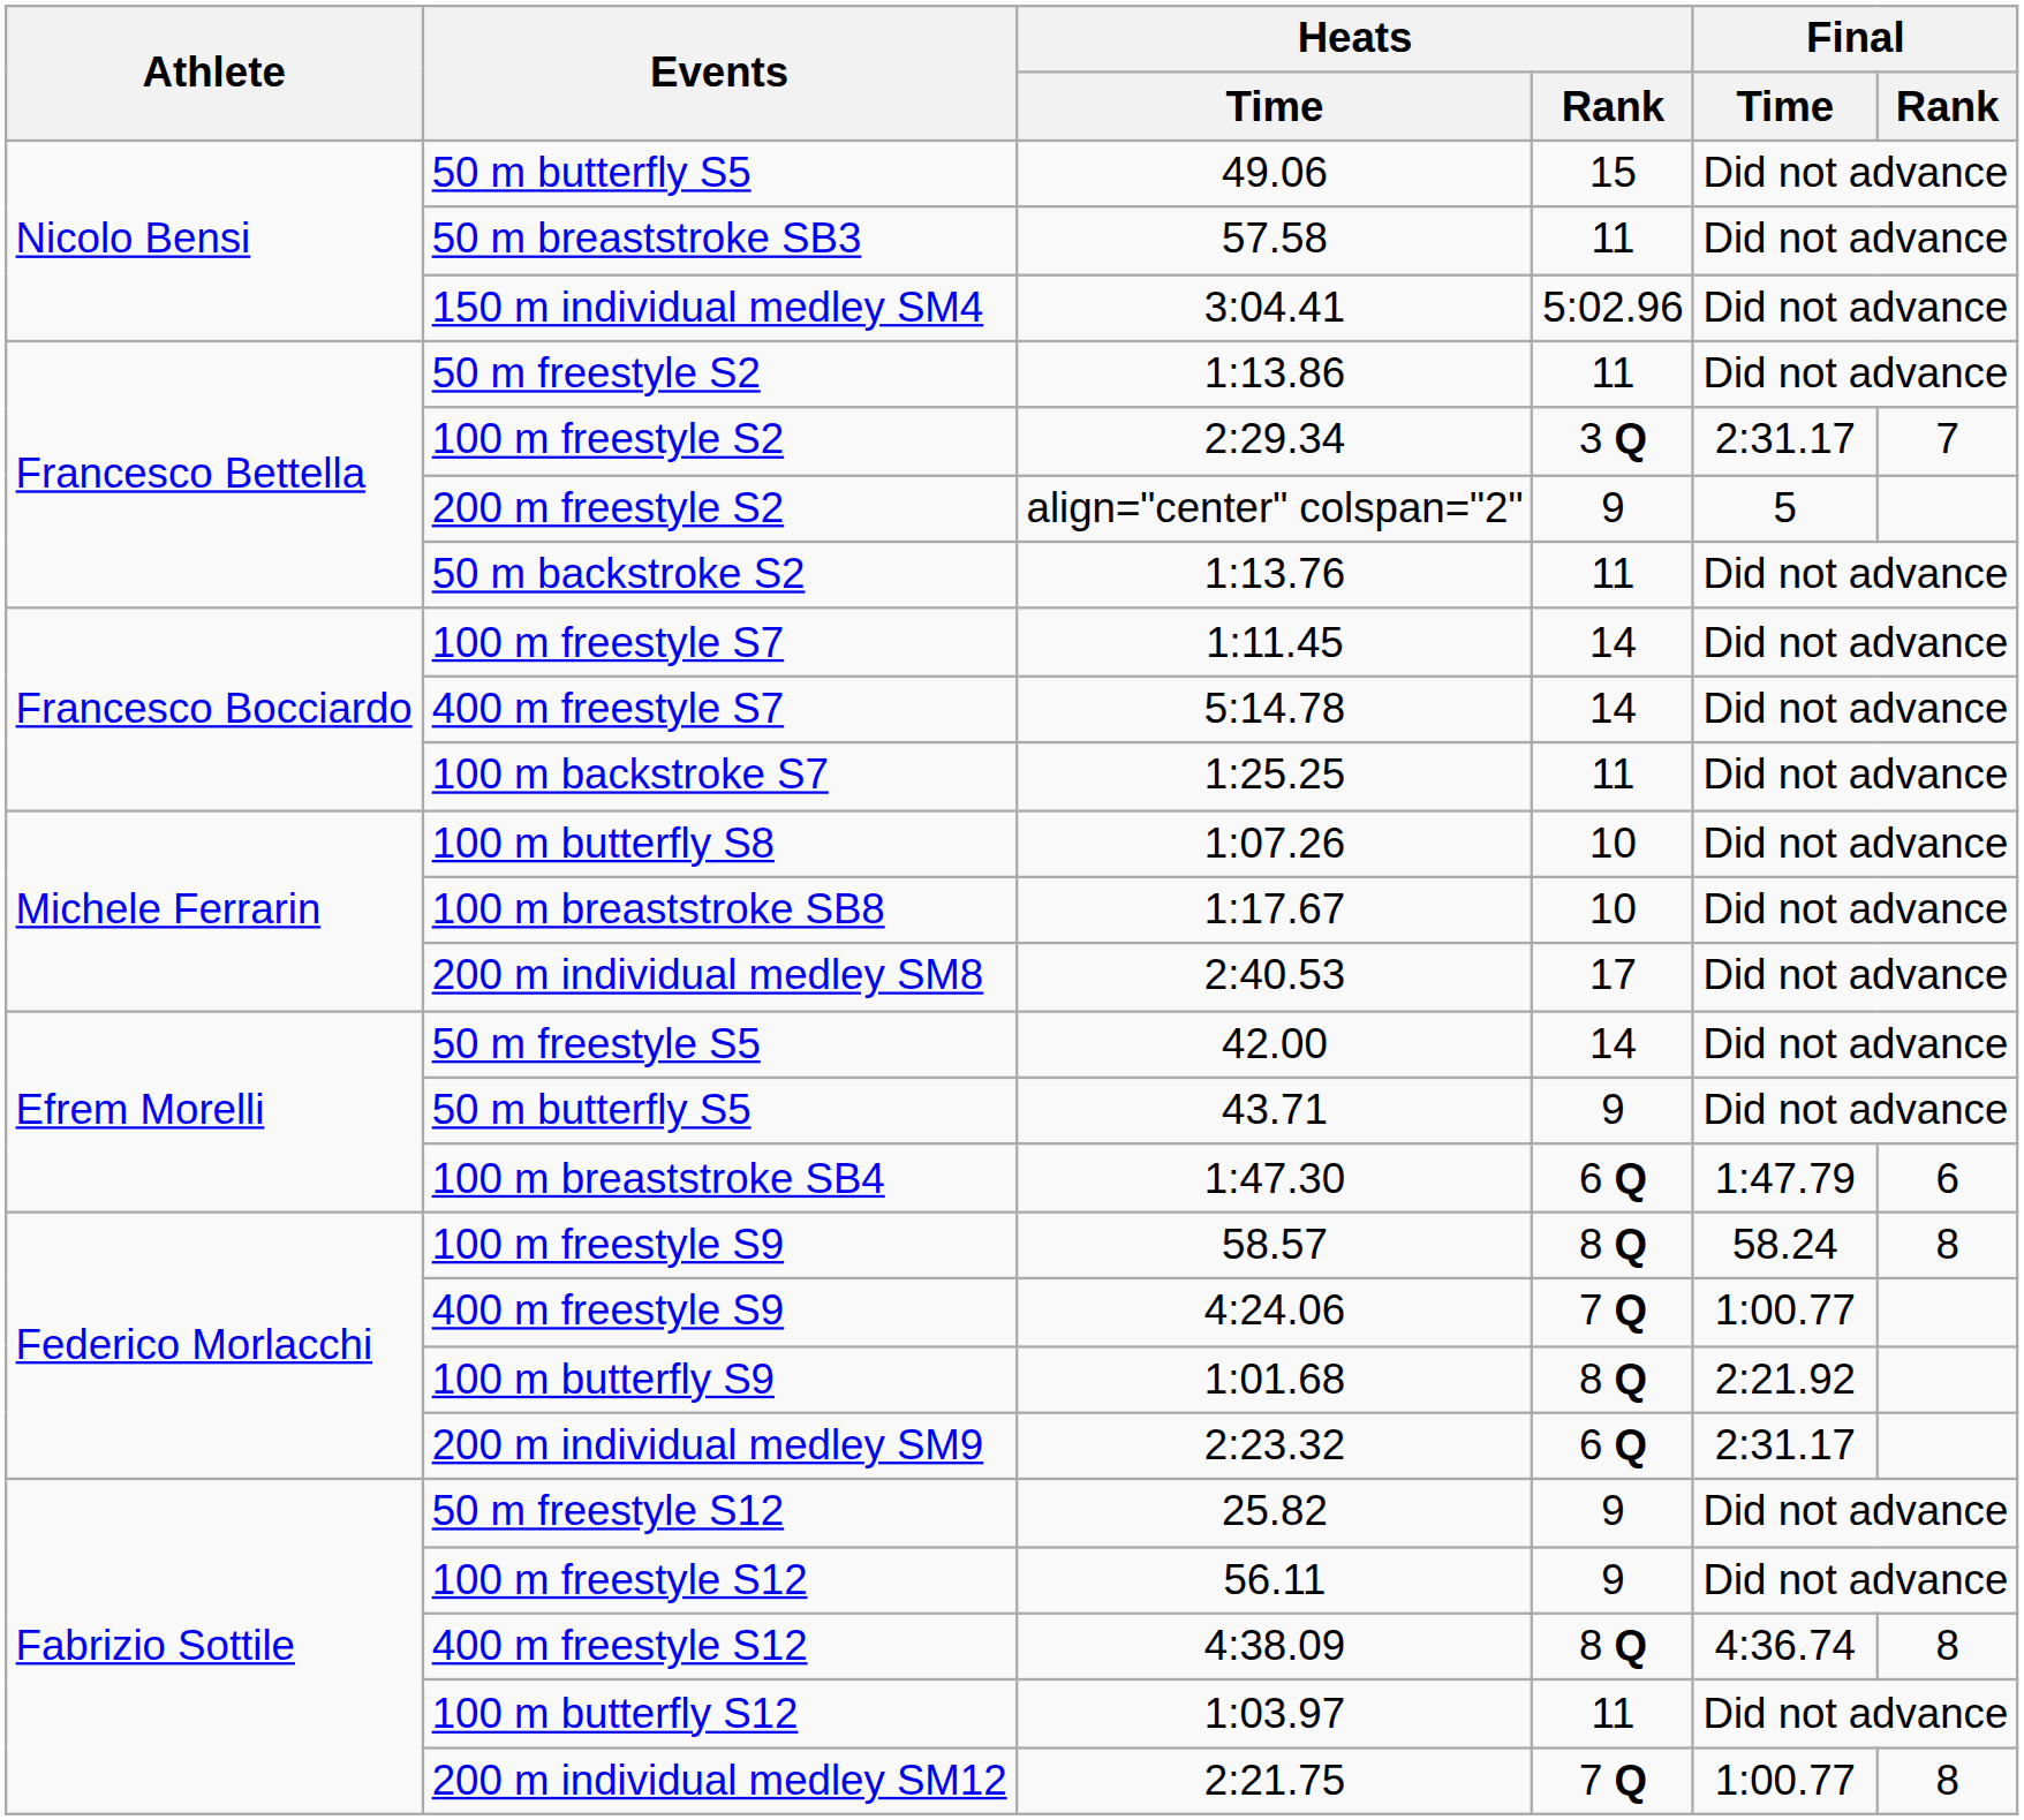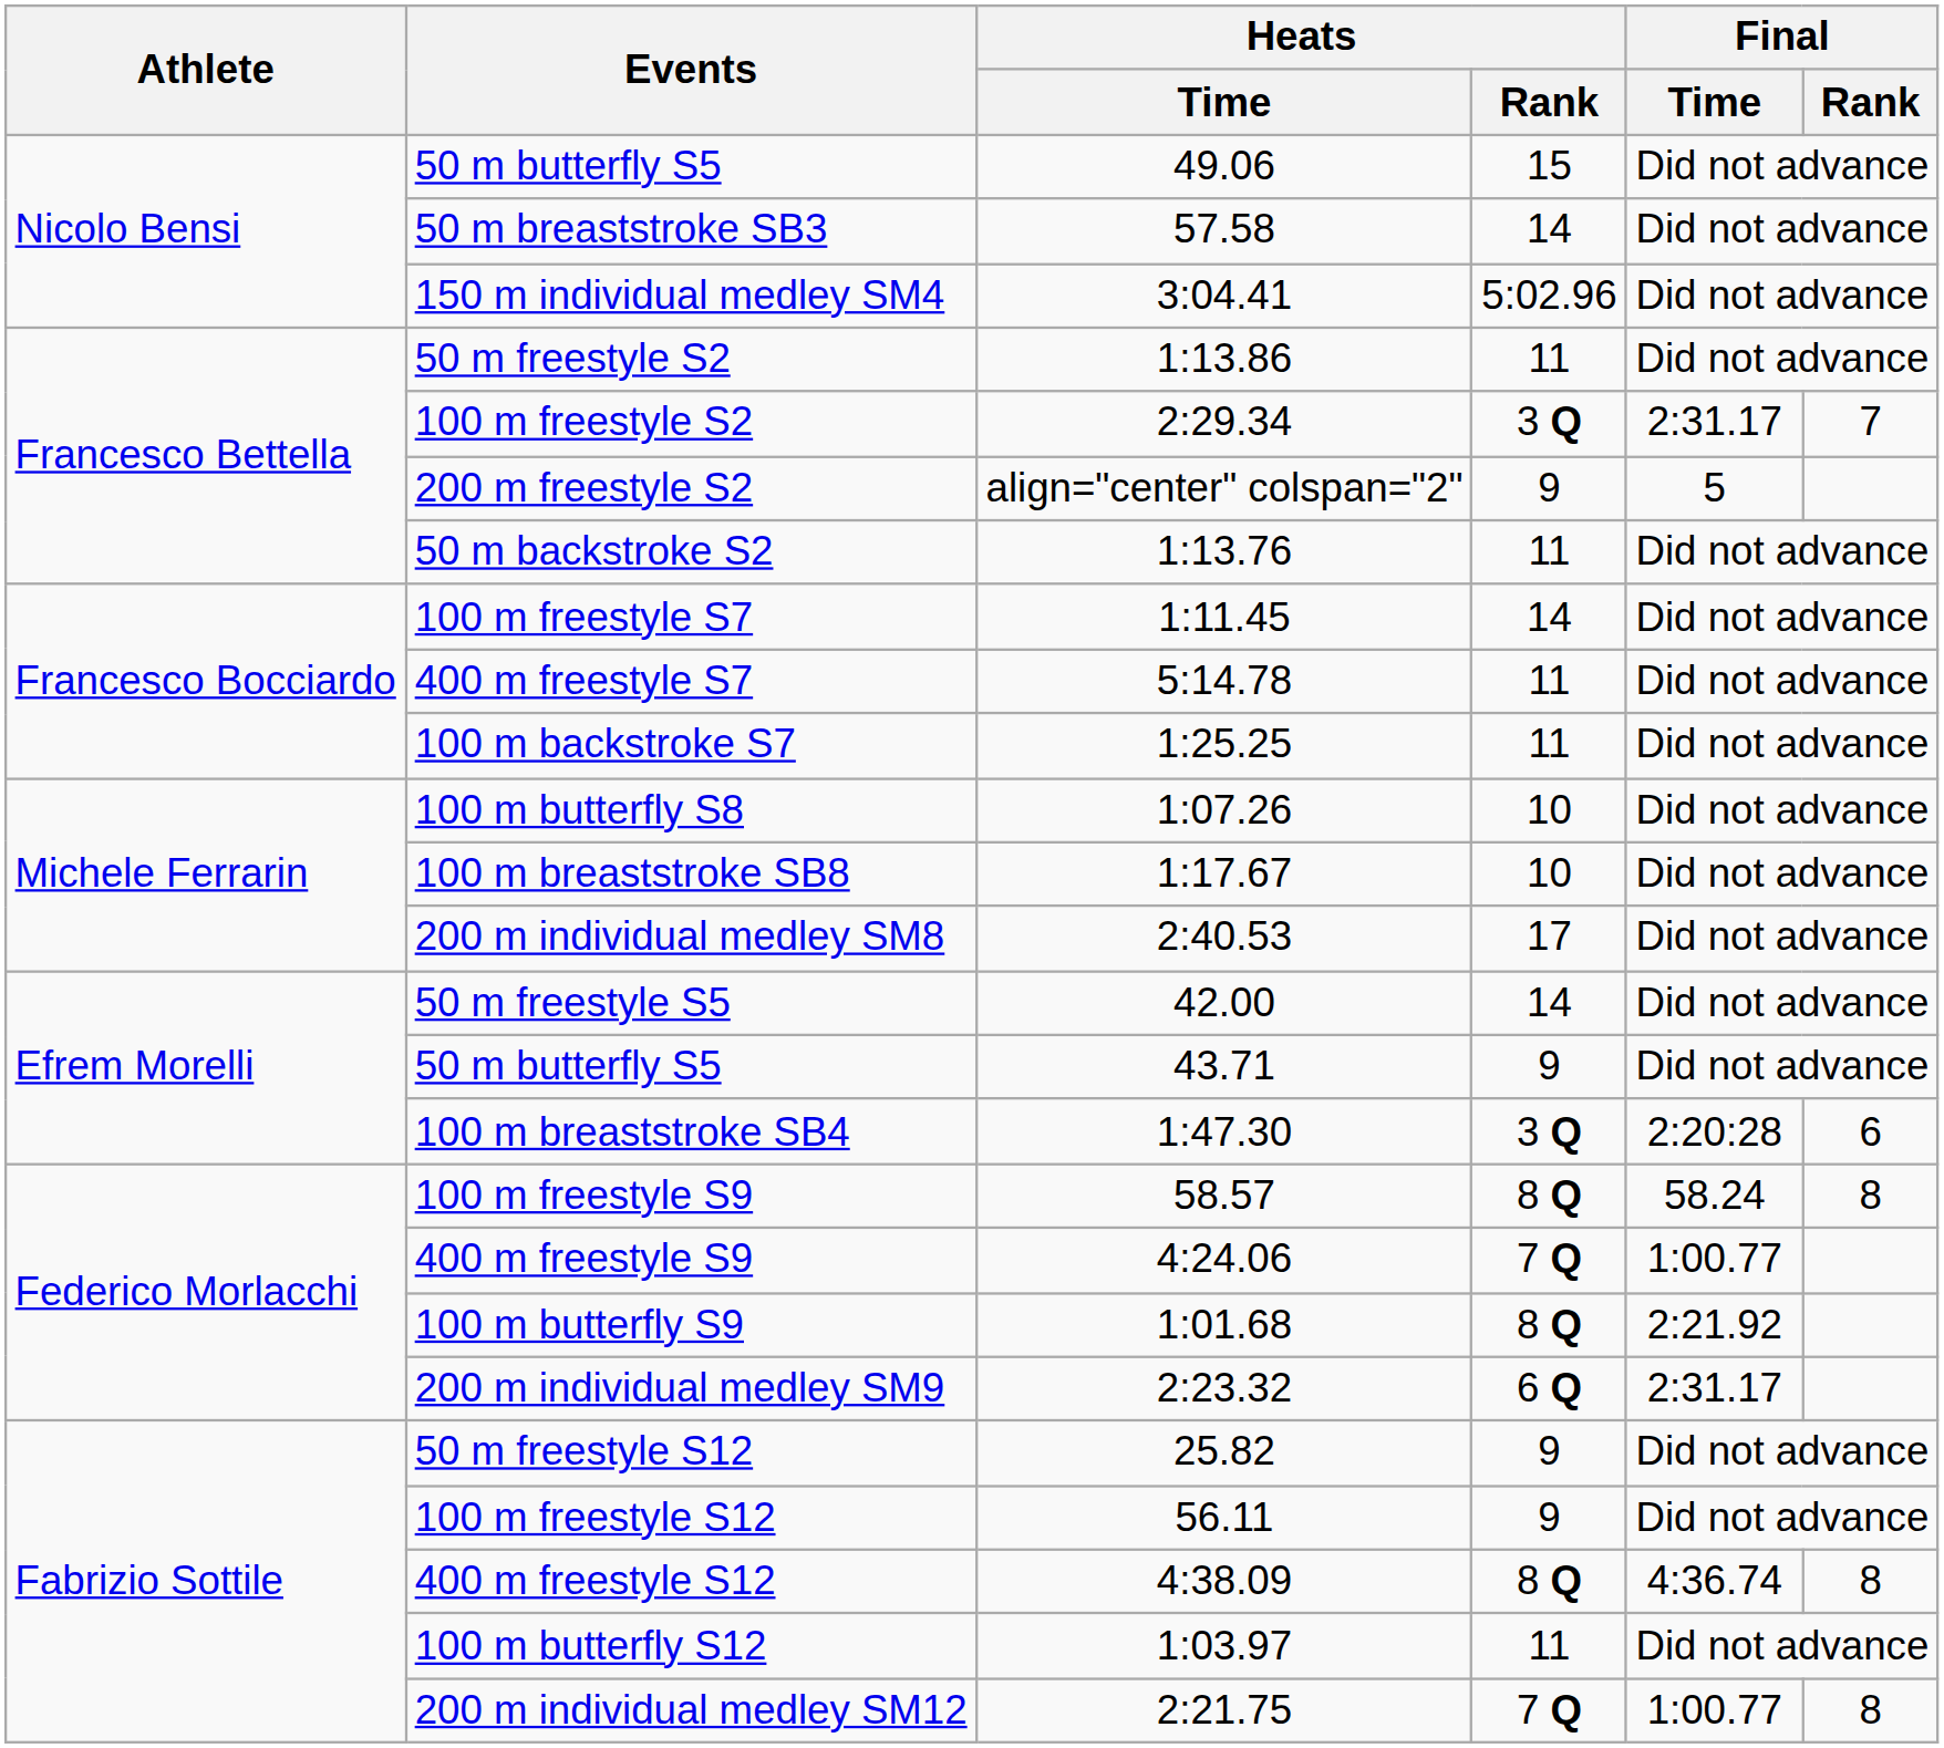 <table class=wikitable>
 <tr>
 <th rowspan="2">Athlete</th>
 <th rowspan="2">Events</th>
 <th colspan="2">Heats</th>
 <th colspan="2">Final</th>
 </tr>
 <tr>
 <th>Time</th>
 <th>Rank</th>
 <th>Time</th>
 <th>Rank</th>
 </tr>
 <tr>
 <td rowspan="3"><a href='#'>Nicolo Bensi</a></td>
 <td><a href='#'>50 m butterfly S5</a></td>
 <td align="center">49.06</td>
 <td align="center">15</td>
 <td align="center" colspan="2">Did not advance</td>
 </tr>
 <tr>
 <td><a href='#'>50 m breaststroke SB3</a></td>
 <td align="center">57.58</td>
-<td align="center">11</td>
+<td align="center">14</td>
 <td align="center" colspan="2">Did not advance</td>
 </tr>
 <tr>
 <td><a href='#'>150 m individual medley SM4</a></td>
 <td align="center">3:04.41</td>
 <td align="center">5:02.96</td>
 <td align="center" colspan="2">Did not advance</td>
 </tr>
 <tr>
 <td rowspan="4"><a href='#'>Francesco Bettella</a></td>
 <td><a href='#'>50 m freestyle S2</a></td>
 <td align="center">1:13.86</td>
 <td align="center">11</td>
 <td align="center" colspan="2">Did not advance</td>
 </tr>
 <tr>
 <td><a href='#'>100 m freestyle S2</a></td>
 <td align="center">2:29.34</td>
 <td align="center">3 <strong>Q</strong></td>
 <td align="center">2:31.17</td>
 <td align="center">7</td>
 </tr>
 <tr>
 <td><a href='#'>200 m freestyle S2</a></td>
 <td>align="center" colspan="2" </td>
 <td align="center">9</td>
 <td align="center">5</td>
 </tr>
 <tr>
 <td><a href='#'>50 m backstroke S2</a></td>
 <td align="center">1:13.76</td>
 <td align="center">11</td>
 <td align="center" colspan="2">Did not advance</td>
 </tr>
 <tr>
 <td rowspan="3"><a href='#'>Francesco Bocciardo</a></td>
 <td><a href='#'>100 m freestyle S7</a></td>
 <td align="center">1:11.45</td>
 <td align="center">14</td>
 <td align="center" colspan="2">Did not advance</td>
 </tr>
 <tr>
 <td><a href='#'>400 m freestyle S7</a></td>
 <td align="center">5:14.78</td>
-<td align="center">14</td>
+<td align="center">11</td>
 <td align="center" colspan="2">Did not advance</td>
 </tr>
 <tr>
 <td><a href='#'>100 m backstroke S7</a></td>
 <td align="center">1:25.25</td>
 <td align="center">11</td>
 <td align="center" colspan="2">Did not advance</td>
 </tr>
 <tr>
 <td rowspan="3"><a href='#'>Michele Ferrarin</a></td>
 <td><a href='#'>100 m butterfly S8</a></td>
 <td align="center">1:07.26</td>
 <td align="center">10</td>
 <td align="center" colspan="2">Did not advance</td>
 </tr>
 <tr>
 <td><a href='#'>100 m breaststroke SB8</a></td>
 <td align="center">1:17.67</td>
 <td align="center">10</td>
 <td align="center" colspan="2">Did not advance</td>
 </tr>
 <tr>
 <td><a href='#'>200 m individual medley SM8</a></td>
 <td align="center">2:40.53</td>
 <td align="center">17</td>
 <td align="center" colspan="2">Did not advance</td>
 </tr>
 <tr>
 <td rowspan="3"><a href='#'>Efrem Morelli</a></td>
 <td><a href='#'>50 m freestyle S5</a></td>
 <td align="center">42.00</td>
 <td align="center">14</td>
 <td align="center" colspan="2">Did not advance</td>
 </tr>
 <tr>
 <td><a href='#'>50 m butterfly S5</a></td>
 <td align="center">43.71</td>
 <td align="center">9</td>
 <td align="center" colspan="2">Did not advance</td>
 </tr>
 <tr>
 <td><a href='#'>100 m breaststroke SB4</a></td>
 <td align="center">1:47.30</td>
-<td align="center">6 <strong>Q</strong></td>
-<td align="center">1:47.79</td>
+<td align="center">3 <strong>Q</strong></td>
+<td align="center">2:20:28</td>
 <td align="center">6</td>
 </tr>
 <tr>
 <td rowspan="4"><a href='#'>Federico Morlacchi</a></td>
 <td><a href='#'>100 m freestyle S9</a></td>
 <td align="center">58.57</td>
 <td align="center">8 <strong>Q</strong></td>
 <td align="center">58.24</td>
 <td align="center">8</td>
 </tr>
 <tr>
 <td><a href='#'>400 m freestyle S9</a></td>
 <td align="center">4:24.06</td>
 <td align="center">7 <strong>Q</strong></td>
 <td align="center">1:00.77</td>
 <td align="center"></td>
 </tr>
 <tr>
 <td><a href='#'>100 m butterfly S9</a></td>
 <td align="center">1:01.68</td>
 <td align="center">8 <strong>Q</strong></td>
 <td align="center">2:21.92</td>
 <td align="center"></td>
 </tr>
 <tr>
 <td><a href='#'>200 m individual medley SM9</a></td>
 <td align="center">2:23.32</td>
 <td align="center">6 <strong>Q</strong></td>
 <td align="center">2:31.17</td>
 <td align="center"></td>
 </tr>
 <tr>
 <td rowspan="5"><a href='#'>Fabrizio Sottile</a></td>
 <td><a href='#'>50 m freestyle S12</a></td>
 <td align="center">25.82</td>
 <td align="center">9</td>
 <td align="center" colspan="2">Did not advance</td>
 </tr>
 <tr>
 <td><a href='#'>100 m freestyle S12</a></td>
 <td align="center">56.11</td>
 <td align="center">9</td>
 <td align="center" colspan="2">Did not advance</td>
 </tr>
 <tr>
 <td><a href='#'>400 m freestyle S12</a></td>
 <td align="center">4:38.09</td>
 <td align="center">8 <strong>Q</strong></td>
 <td align="center">4:36.74</td>
 <td align="center">8</td>
 </tr>
 <tr>
 <td><a href='#'>100 m butterfly S12</a></td>
 <td align="center">1:03.97</td>
 <td align="center">11</td>
 <td align="center" colspan="2">Did not advance</td>
 </tr>
 <tr>
 <td><a href='#'>200 m individual medley SM12</a></td>
 <td align="center">2:21.75</td>
 <td align="center">7 <strong>Q</strong></td>
 <td align="center">1:00.77</td>
 <td align="center">8</td>
 </tr>
 </table>
